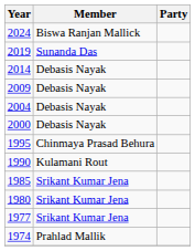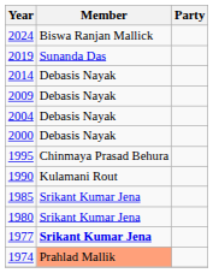 <table class="wikitable sortable">
 <tr>
 <th>Year</th>
 <th>Member</th>
 <th colspan=2>Party</th>
 </tr>
 <tr>
 <td><a href='#'>2024</a></td>
 <td>Biswa Ranjan Mallick</td>
 <td></td>
 </tr>
 <tr>
 <td><a href='#'>2019</a></td>
 <td><a href='#'>Sunanda Das</a></td>
 <td></td>
 </tr>
 <tr>
 <td><a href='#'>2014</a></td>
 <td>Debasis Nayak</td>
 <td></td>
 </tr>
 <tr>
 <td><a href='#'>2009</a></td>
 <td>Debasis Nayak</td>
 <td></td>
 </tr>
 <tr>
 <td><a href='#'>2004</a></td>
 <td>Debasis Nayak</td>
 <td></td>
 </tr>
 <tr>
 <td><a href='#'>2000</a></td>
 <td>Debasis Nayak</td>
 <td></td>
 </tr>
 <tr>
 <td><a href='#'>1995</a></td>
 <td>Chinmaya Prasad Behura</td>
 <td></td>
 </tr>
 <tr>
 <td><a href='#'>1990</a></td>
 <td>Kulamani Rout</td>
 <td></td>
 </tr>
 <tr>
 <td><a href='#'>1985</a></td>
 <td><a href='#'>Srikant Kumar Jena</a></td>
 <td></td>
 </tr>
 <tr>
 <td><a href='#'>1980</a></td>
 <td><a href='#'>Srikant Kumar Jena</a></td>
 <td></td>
 </tr>
 <tr>
 <td><a href='#'>1977</a></td>
-<td><a href='#'>Srikant Kumar Jena</a></td>
+<td><strong><a href='#'>Srikant Kumar Jena</a></strong></td>
 <td></td>
 </tr>
 <tr>
 <td><a href='#'>1974</a></td>
-<td>Prahlad Mallik</td>
+<td style="background: lightsalmon;">Prahlad Mallik</td>
 <td></td>
 </tr>
 <tr>
 </tr>
 </table>
